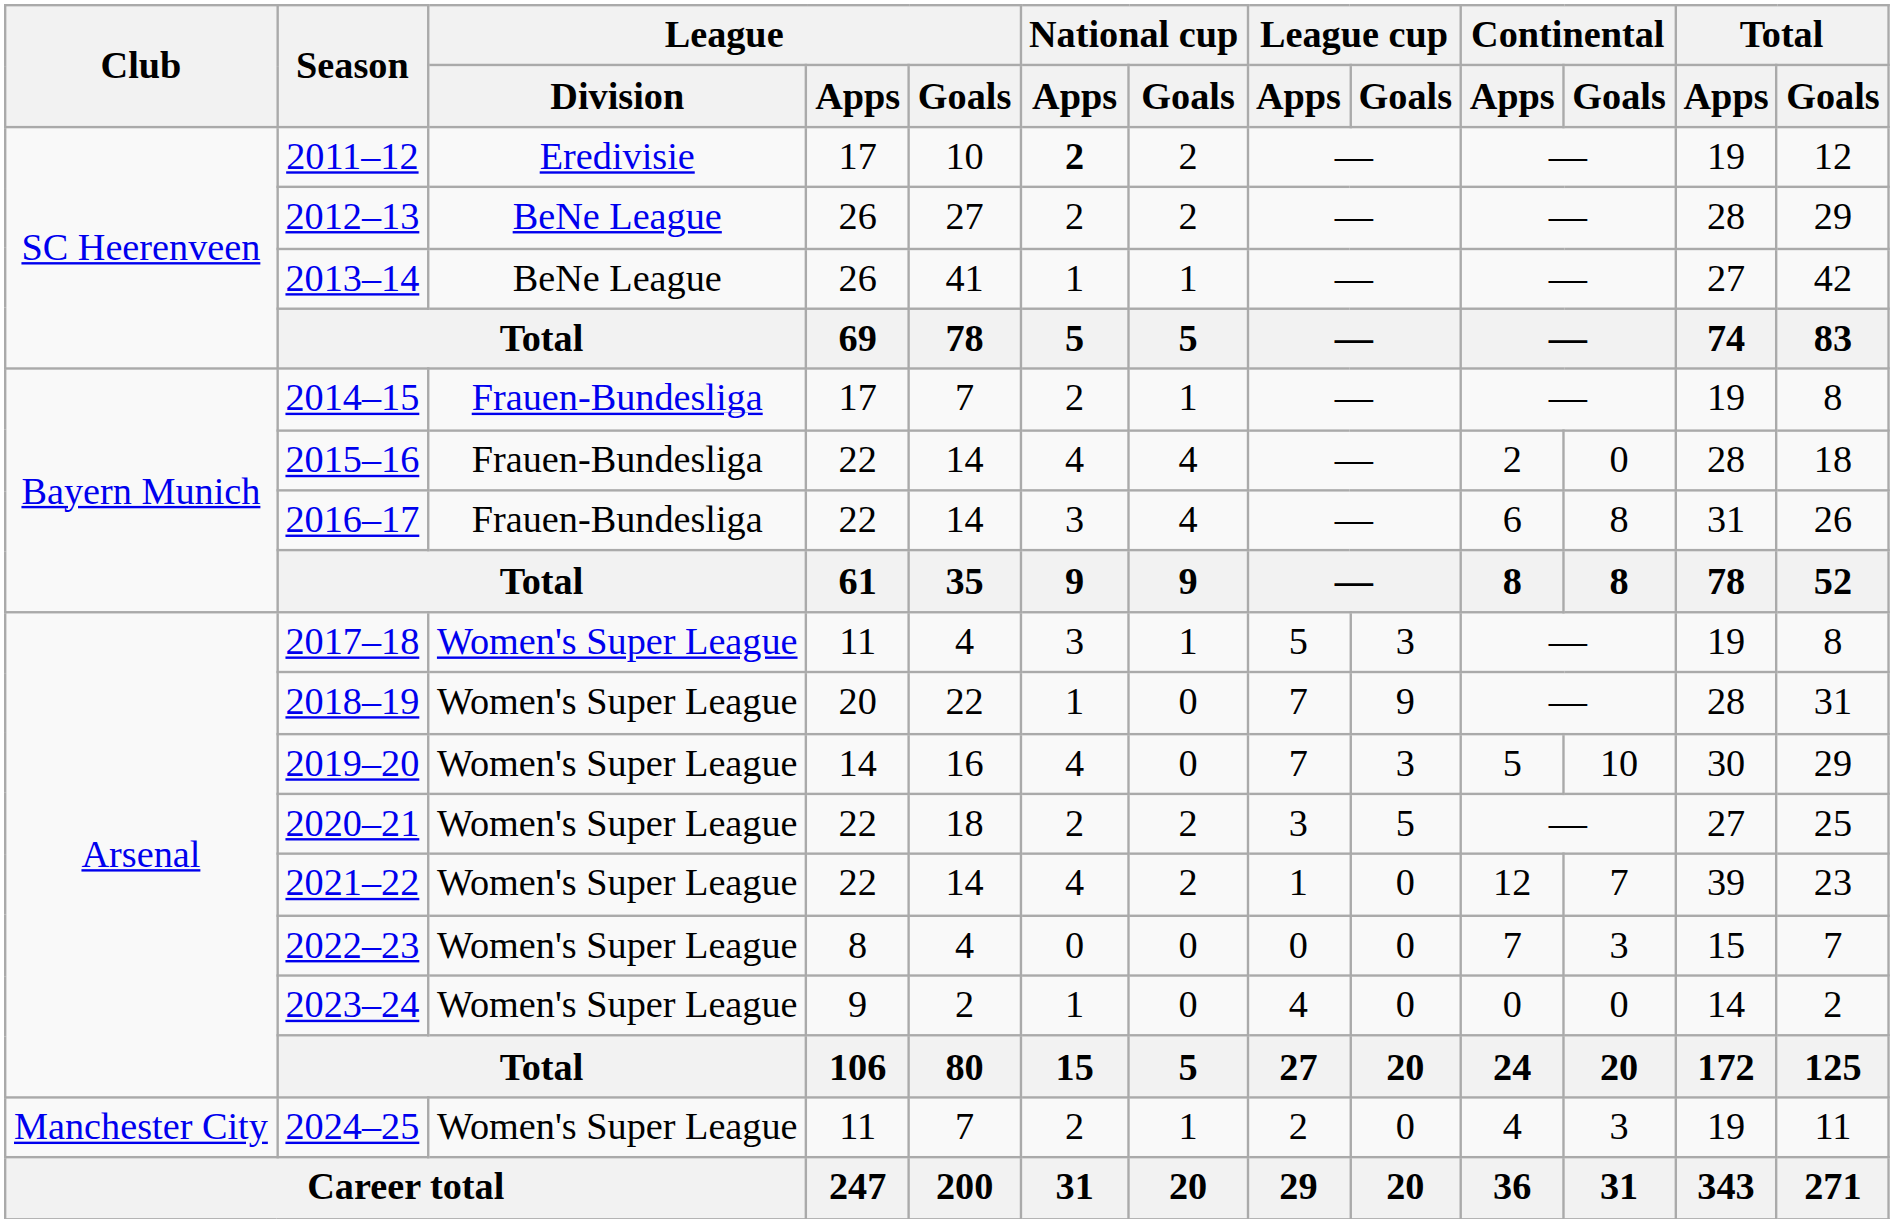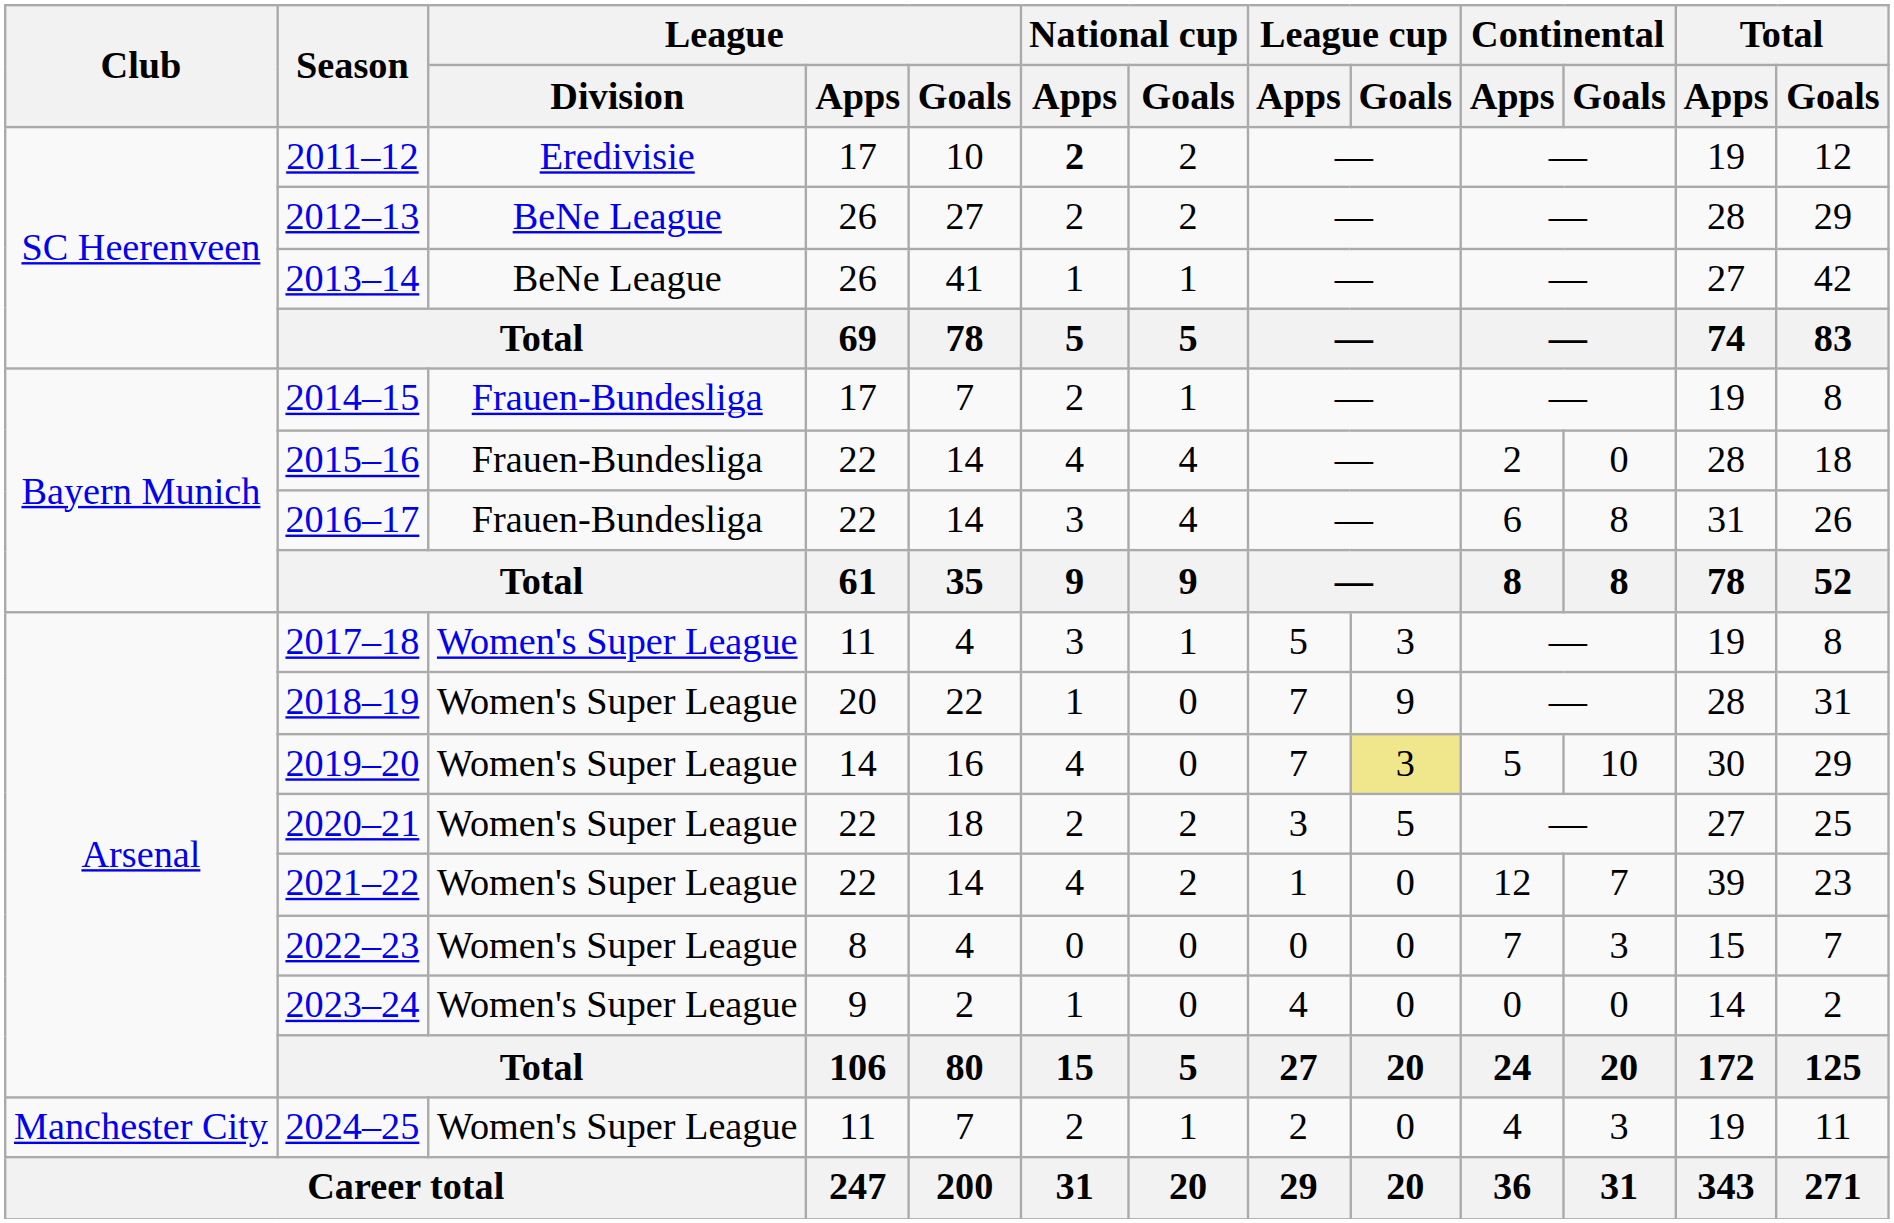 <table class="wikitable" style="text-align:center">
 <tr>
 <th rowspan="2">Club</th>
 <th rowspan="2">Season</th>
 <th colspan="3">League</th>
 <th colspan="2">National cup</th>
 <th colspan="2">League cup</th>
 <th colspan="2">Continental</th>
 <th colspan="2">Total</th>
 </tr>
 <tr>
 <th>Division</th>
 <th>Apps</th>
 <th>Goals</th>
 <th>Apps</th>
 <th>Goals</th>
 <th>Apps</th>
 <th>Goals</th>
 <th>Apps</th>
 <th>Goals</th>
 <th>Apps</th>
 <th>Goals</th>
 </tr>
 <tr>
 <td rowspan="4"><a href='#'>SC Heerenveen</a></td>
 <td><a href='#'>2011–12</a></td>
 <td><a href='#'>Eredivisie</a></td>
 <td>17</td>
 <td>10</td>
 <td><strong>2</strong></td>
 <td>2</td>
 <td colspan="2">—</td>
 <td colspan="2">—</td>
 <td>19</td>
 <td>12</td>
 </tr>
 <tr>
 <td><a href='#'>2012–13</a></td>
 <td><a href='#'>BeNe League</a></td>
 <td>26</td>
 <td>27</td>
 <td>2</td>
 <td>2</td>
 <td colspan="2">—</td>
 <td colspan="2">—</td>
 <td>28</td>
 <td>29</td>
 </tr>
 <tr>
 <td><a href='#'>2013–14</a></td>
 <td>BeNe League</td>
 <td>26</td>
 <td>41</td>
 <td>1</td>
 <td>1</td>
 <td colspan="2">—</td>
 <td colspan="2">—</td>
 <td>27</td>
 <td>42</td>
 </tr>
 <tr>
 <th colspan="2">Total</th>
 <th>69</th>
 <th>78</th>
 <th>5</th>
 <th>5</th>
 <th colspan="2">—</th>
 <th colspan="2">—</th>
 <th>74</th>
 <th>83</th>
 </tr>
 <tr>
 <td rowspan="4"><a href='#'>Bayern Munich</a></td>
 <td><a href='#'>2014–15</a></td>
 <td><a href='#'>Frauen-Bundesliga</a></td>
 <td>17</td>
 <td>7</td>
 <td>2</td>
 <td>1</td>
 <td colspan="2">—</td>
 <td colspan="2">—</td>
 <td>19</td>
 <td>8</td>
 </tr>
 <tr>
 <td><a href='#'>2015–16</a></td>
 <td>Frauen-Bundesliga</td>
 <td>22</td>
 <td>14</td>
 <td>4</td>
 <td>4</td>
 <td colspan="2">—</td>
 <td>2</td>
 <td>0</td>
 <td>28</td>
 <td>18</td>
 </tr>
 <tr>
 <td><a href='#'>2016–17</a></td>
 <td>Frauen-Bundesliga</td>
 <td>22</td>
 <td>14</td>
 <td>3</td>
 <td>4</td>
 <td colspan="2">—</td>
 <td>6</td>
 <td>8</td>
 <td>31</td>
 <td>26</td>
 </tr>
 <tr>
 <th colspan="2">Total</th>
 <th>61</th>
 <th>35</th>
 <th>9</th>
 <th>9</th>
 <th colspan="2">—</th>
 <th>8</th>
 <th>8</th>
 <th>78</th>
 <th>52</th>
 </tr>
 <tr>
 <td rowspan="8"><a href='#'>Arsenal</a></td>
 <td><a href='#'>2017–18</a></td>
 <td><a href='#'>Women's Super League</a></td>
 <td>11</td>
 <td>4</td>
 <td>3</td>
 <td>1</td>
 <td>5</td>
 <td>3</td>
 <td colspan="2">—</td>
 <td>19</td>
 <td>8</td>
 </tr>
 <tr>
 <td><a href='#'>2018–19</a></td>
 <td>Women's Super League</td>
 <td>20</td>
 <td>22</td>
 <td>1</td>
 <td>0</td>
 <td>7</td>
 <td>9</td>
 <td colspan="2">—</td>
 <td>28</td>
 <td>31</td>
 </tr>
 <tr>
 <td><a href='#'>2019–20</a></td>
 <td>Women's Super League</td>
 <td>14</td>
 <td>16</td>
 <td>4</td>
 <td>0</td>
 <td>7</td>
-<td>3</td>
+<td style="background: khaki;">3</td>
 <td>5</td>
 <td>10</td>
 <td>30</td>
 <td>29</td>
 </tr>
 <tr>
 <td><a href='#'>2020–21</a></td>
 <td>Women's Super League</td>
 <td>22</td>
 <td>18</td>
 <td>2</td>
 <td>2</td>
 <td>3</td>
 <td>5</td>
 <td colspan="2">—</td>
 <td>27</td>
 <td>25</td>
 </tr>
 <tr>
 <td><a href='#'>2021–22</a></td>
 <td>Women's Super League</td>
 <td>22</td>
 <td>14</td>
 <td>4</td>
 <td>2</td>
 <td>1</td>
 <td>0</td>
 <td>12</td>
 <td>7</td>
 <td>39</td>
 <td>23</td>
 </tr>
 <tr>
 <td><a href='#'>2022–23</a></td>
 <td>Women's Super League</td>
 <td>8</td>
 <td>4</td>
 <td>0</td>
 <td>0</td>
 <td>0</td>
 <td>0</td>
 <td>7</td>
 <td>3</td>
 <td>15</td>
 <td>7</td>
 </tr>
 <tr>
 <td><a href='#'>2023–24</a></td>
 <td>Women's Super League</td>
 <td>9</td>
 <td>2</td>
 <td>1</td>
 <td>0</td>
 <td>4</td>
 <td>0</td>
 <td>0</td>
 <td>0</td>
 <td>14</td>
 <td>2</td>
 </tr>
 <tr>
 <th colspan="2">Total</th>
 <th>106</th>
 <th>80</th>
 <th>15</th>
 <th>5</th>
 <th>27</th>
 <th>20</th>
 <th>24</th>
 <th>20</th>
 <th>172</th>
 <th>125</th>
 </tr>
 <tr>
 <td><a href='#'>Manchester City</a></td>
 <td><a href='#'>2024–25</a></td>
 <td>Women's Super League</td>
 <td>11</td>
 <td>7</td>
 <td>2</td>
 <td>1</td>
 <td>2</td>
 <td>0</td>
 <td>4</td>
 <td>3</td>
 <td>19</td>
 <td>11</td>
 </tr>
 <tr>
 <th colspan="3">Career total</th>
 <th>247</th>
 <th>200</th>
 <th>31</th>
 <th>20</th>
 <th>29</th>
 <th>20</th>
 <th>36</th>
 <th>31</th>
 <th>343</th>
 <th>271</th>
 </tr>
 </table>
